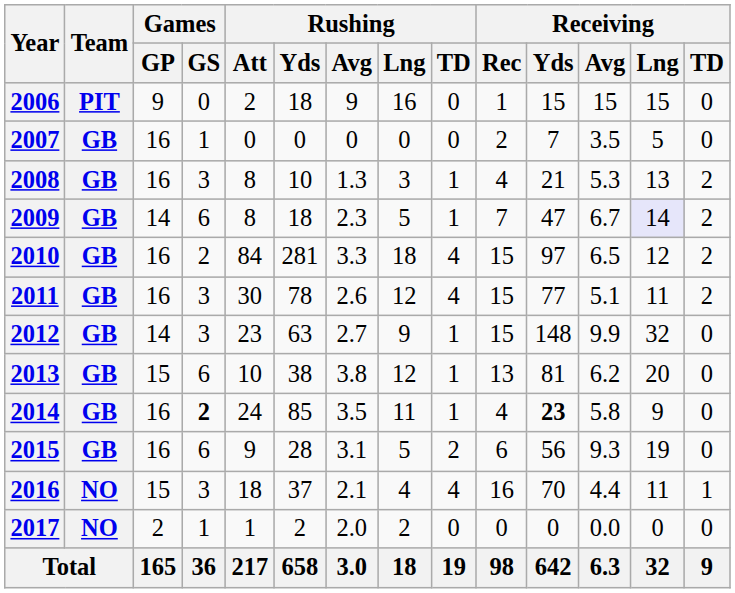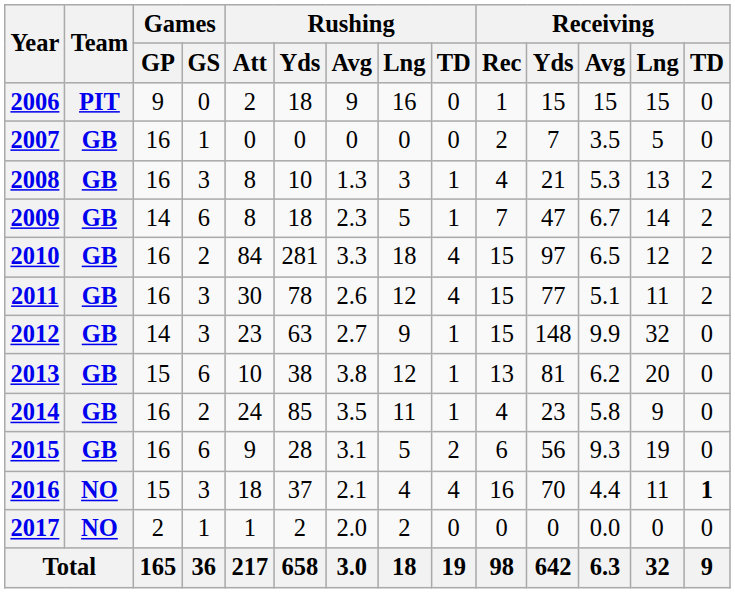 <table class=wikitable style="text-align:center;">
 <tr>
 <th rowspan="2">Year</th>
 <th rowspan="2">Team</th>
 <th colspan="2">Games</th>
 <th colspan="5">Rushing</th>
 <th colspan="5">Receiving</th>
 </tr>
 <tr>
 <th>GP</th>
 <th>GS</th>
 <th>Att</th>
 <th>Yds</th>
 <th>Avg</th>
 <th>Lng</th>
 <th>TD</th>
 <th>Rec</th>
 <th>Yds</th>
 <th>Avg</th>
 <th>Lng</th>
 <th>TD</th>
 </tr>
 <tr>
 <th><a href='#'>2006</a></th>
 <th><a href='#'>PIT</a></th>
 <td>9</td>
 <td>0</td>
 <td>2</td>
 <td>18</td>
 <td>9</td>
 <td>16</td>
 <td>0</td>
 <td>1</td>
 <td>15</td>
 <td>15</td>
 <td>15</td>
 <td>0</td>
 </tr>
 <tr>
 <th><a href='#'>2007</a></th>
 <th><a href='#'>GB</a></th>
 <td>16</td>
 <td>1</td>
 <td>0</td>
 <td>0</td>
 <td>0</td>
 <td>0</td>
 <td>0</td>
 <td>2</td>
 <td>7</td>
 <td>3.5</td>
 <td>5</td>
 <td>0</td>
 </tr>
 <tr>
 <th><a href='#'>2008</a></th>
 <th><a href='#'>GB</a></th>
 <td>16</td>
 <td>3</td>
 <td>8</td>
 <td>10</td>
 <td>1.3</td>
 <td>3</td>
 <td>1</td>
 <td>4</td>
 <td>21</td>
 <td>5.3</td>
 <td>13</td>
 <td>2</td>
 </tr>
 <tr>
 <th><a href='#'>2009</a></th>
 <th><a href='#'>GB</a></th>
 <td>14</td>
 <td>6</td>
 <td>8</td>
 <td>18</td>
 <td>2.3</td>
 <td>5</td>
 <td>1</td>
 <td>7</td>
 <td>47</td>
 <td>6.7</td>
-<td style="background: lavender;">14</td>
+<td>14</td>
 <td>2</td>
 </tr>
 <tr>
 <th><a href='#'>2010</a></th>
 <th><a href='#'>GB</a></th>
 <td>16</td>
 <td>2</td>
 <td>84</td>
 <td>281</td>
 <td>3.3</td>
 <td>18</td>
 <td>4</td>
 <td>15</td>
 <td>97</td>
 <td>6.5</td>
 <td>12</td>
 <td>2</td>
 </tr>
 <tr>
 <th><a href='#'>2011</a></th>
 <th><a href='#'>GB</a></th>
 <td>16</td>
 <td>3</td>
 <td>30</td>
 <td>78</td>
 <td>2.6</td>
 <td>12</td>
 <td>4</td>
 <td>15</td>
 <td>77</td>
 <td>5.1</td>
 <td>11</td>
 <td>2</td>
 </tr>
 <tr>
 <th><a href='#'>2012</a></th>
 <th><a href='#'>GB</a></th>
 <td>14</td>
 <td>3</td>
 <td>23</td>
 <td>63</td>
 <td>2.7</td>
 <td>9</td>
 <td>1</td>
 <td>15</td>
 <td>148</td>
 <td>9.9</td>
 <td>32</td>
 <td>0</td>
 </tr>
 <tr>
 <th><a href='#'>2013</a></th>
 <th><a href='#'>GB</a></th>
 <td>15</td>
 <td>6</td>
 <td>10</td>
 <td>38</td>
 <td>3.8</td>
 <td>12</td>
 <td>1</td>
 <td>13</td>
 <td>81</td>
 <td>6.2</td>
 <td>20</td>
 <td>0</td>
 </tr>
 <tr>
 <th><a href='#'>2014</a></th>
 <th><a href='#'>GB</a></th>
 <td>16</td>
-<td><strong>2</strong></td>
+<td>2</td>
 <td>24</td>
 <td>85</td>
 <td>3.5</td>
 <td>11</td>
 <td>1</td>
 <td>4</td>
-<td><strong>23</strong></td>
+<td>23</td>
 <td>5.8</td>
 <td>9</td>
 <td>0</td>
 </tr>
 <tr>
 <th><a href='#'>2015</a></th>
 <th><a href='#'>GB</a></th>
 <td>16</td>
 <td>6</td>
 <td>9</td>
 <td>28</td>
 <td>3.1</td>
 <td>5</td>
 <td>2</td>
 <td>6</td>
 <td>56</td>
 <td>9.3</td>
 <td>19</td>
 <td>0</td>
 </tr>
 <tr>
 <th><a href='#'>2016</a></th>
 <th><a href='#'>NO</a></th>
 <td>15</td>
 <td>3</td>
 <td>18</td>
 <td>37</td>
 <td>2.1</td>
 <td>4</td>
 <td>4</td>
 <td>16</td>
 <td>70</td>
 <td>4.4</td>
 <td>11</td>
-<td>1</td>
+<td><strong>1</strong></td>
 </tr>
 <tr>
 <th><a href='#'>2017</a></th>
 <th><a href='#'>NO</a></th>
 <td>2</td>
 <td>1</td>
 <td>1</td>
 <td>2</td>
 <td>2.0</td>
 <td>2</td>
 <td>0</td>
 <td>0</td>
 <td>0</td>
 <td>0.0</td>
 <td>0</td>
 <td>0</td>
 </tr>
 <tr>
 <th colspan="2">Total</th>
 <th>165</th>
 <th>36</th>
 <th>217</th>
 <th>658</th>
 <th>3.0</th>
 <th>18</th>
 <th>19</th>
 <th>98</th>
 <th>642</th>
 <th>6.3</th>
 <th>32</th>
 <th>9</th>
 </tr>
 </table>
